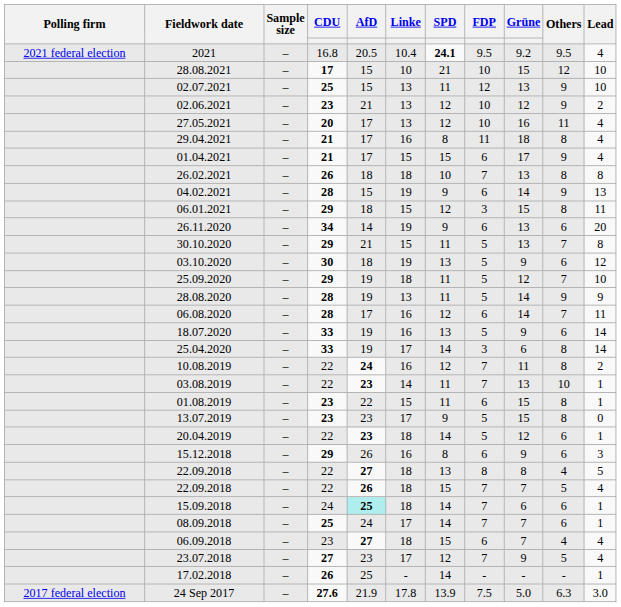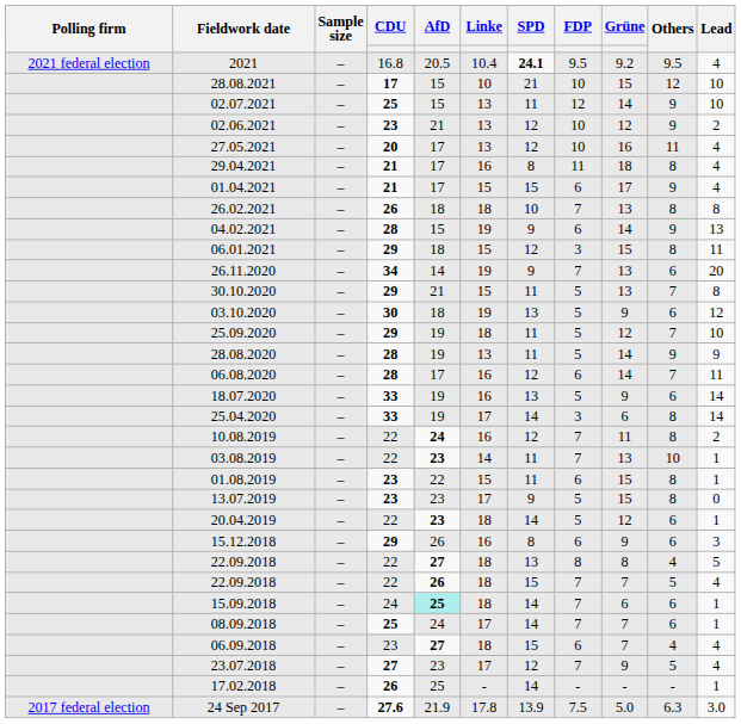 <table class="wikitable sortable mw-datatable" style="text-align:center;font-size:90%;line-height:14px;">
 <tr style="height:40px;">
 <th style="width:160px;" rowspan="2">Polling firm</th>
 <th style="width:135px;" rowspan="2">Fieldwork date</th>
 <th style="width:35px;" rowspan="2">Sample<br>size</th>
 <th class="unsortable" style="width:40px;"><a href='#'>CDU</a></th>
 <th class="unsortable" style="width:40px;"><a href='#'>AfD</a></th>
 <th class="unsortable" style="width:40px;"><a href='#'>Linke</a></th>
 <th class="unsortable" style="width:40px;"><a href='#'>SPD</a></th>
 <th class="unsortable" style="width:40px;"><a href='#'>FDP</a></th>
 <th class="unsortable" style="width:40px;"><a href='#'>Grüne</a></th>
 <th class="unsortable" style="width:30px;" rowspan="2">Others</th>
 <th style="width:30px;" rowspan="2">Lead</th>
 </tr>
 <tr>
 <th style="background:"></th>
 <th style="background:"></th>
 <th style="background:"></th>
 <th style="background:"></th>
 <th style="background:"></th>
 <th style="background:"></th>
 </tr>
 <tr>
 <td style="background:#E9E9E9;"><a href='#'>2021 federal election</a></td>
 <td style="background:#E9E9E9;"data-sort-value="2017-09-24">2021</td>
 <td style="background:#E9E9E9;">–</td>
 <td style="background:#E9E9E9;">16.8</td>
 <td style="background:#E9E9E9;">20.5</td>
 <td style="background:#E9E9E9;">10.4</td>
 <td><strong>24.1</strong></td>
 <td style="background:#E9E9E9;">9.5</td>
 <td style="background:#E9E9E9;">9.2</td>
 <td style="background:#E9E9E9;">9.5</td>
 <td style="background:">4</td>
 </tr>
 <tr>
 <td style="background:#E9E9E9;"></td>
 <td style="background:#E9E9E9;"data-sort-value="2017-09-24">28.08.2021</td>
 <td style="background:#E9E9E9;">–</td>
 <td><strong>17</strong></td>
 <td style="background:#E9E9E9;">15</td>
 <td style="background:#E9E9E9;">10</td>
 <td style="background:#E9E9E9;">21</td>
 <td style="background:#E9E9E9;">10</td>
 <td style="background:#E9E9E9;">15</td>
 <td style="background:#E9E9E9;">12</td>
 <td style="background:">10</td>
 </tr>
 <tr>
 <td style="background:#E9E9E9;"></td>
 <td style="background:#E9E9E9;"data-sort-value="2017-09-24">02.07.2021</td>
 <td style="background:#E9E9E9;">–</td>
 <td><strong>25</strong></td>
 <td style="background:#E9E9E9;">15</td>
 <td style="background:#E9E9E9;">13</td>
 <td style="background:#E9E9E9;">11</td>
 <td style="background:#E9E9E9;">12</td>
-<td style="background:#E9E9E9;">13</td>
+<td style="background:#E9E9E9;">14</td>
 <td style="background:#E9E9E9;">9</td>
 <td style="background:">10</td>
 </tr>
 <tr>
 <td style="background:#E9E9E9;"></td>
 <td style="background:#E9E9E9;"data-sort-value="2017-09-24">02.06.2021</td>
 <td style="background:#E9E9E9;">–</td>
 <td><strong>23</strong></td>
 <td style="background:#E9E9E9;">21</td>
 <td style="background:#E9E9E9;">13</td>
 <td style="background:#E9E9E9;">12</td>
 <td style="background:#E9E9E9;">10</td>
 <td style="background:#E9E9E9;">12</td>
 <td style="background:#E9E9E9;">9</td>
 <td style="background:">2</td>
 </tr>
 <tr>
 <td style="background:#E9E9E9;"></td>
 <td style="background:#E9E9E9;"data-sort-value="2017-09-24">27.05.2021</td>
 <td style="background:#E9E9E9;">–</td>
 <td><strong>20</strong></td>
 <td style="background:#E9E9E9;">17</td>
 <td style="background:#E9E9E9;">13</td>
 <td style="background:#E9E9E9;">12</td>
 <td style="background:#E9E9E9;">10</td>
 <td style="background:#E9E9E9;">16</td>
 <td style="background:#E9E9E9;">11</td>
 <td style="background:">4</td>
 </tr>
 <tr>
 <td style="background:#E9E9E9;"></td>
 <td style="background:#E9E9E9;"data-sort-value="2017-09-24">29.04.2021</td>
 <td style="background:#E9E9E9;">–</td>
 <td><strong>21</strong></td>
 <td style="background:#E9E9E9;">17</td>
 <td style="background:#E9E9E9;">16</td>
 <td style="background:#E9E9E9;">8</td>
 <td style="background:#E9E9E9;">11</td>
 <td style="background:#E9E9E9;">18</td>
 <td style="background:#E9E9E9;">8</td>
 <td style="background:">4</td>
 </tr>
 <tr>
 <td style="background:#E9E9E9;"></td>
 <td style="background:#E9E9E9;"data-sort-value="2017-09-24">01.04.2021</td>
 <td style="background:#E9E9E9;">–</td>
 <td><strong>21</strong></td>
 <td style="background:#E9E9E9;">17</td>
 <td style="background:#E9E9E9;">15</td>
 <td style="background:#E9E9E9;">15</td>
 <td style="background:#E9E9E9;">6</td>
 <td style="background:#E9E9E9;">17</td>
 <td style="background:#E9E9E9;">9</td>
 <td style="background:">4</td>
 </tr>
 <tr>
 <td style="background:#E9E9E9;"></td>
 <td style="background:#E9E9E9;"data-sort-value="2017-09-24">26.02.2021</td>
 <td style="background:#E9E9E9;">–</td>
 <td><strong>26</strong></td>
 <td style="background:#E9E9E9;">18</td>
 <td style="background:#E9E9E9;">18</td>
 <td style="background:#E9E9E9;">10</td>
 <td style="background:#E9E9E9;">7</td>
 <td style="background:#E9E9E9;">13</td>
 <td style="background:#E9E9E9;">8</td>
 <td style="background:">8</td>
 </tr>
 <tr>
 <td style="background:#E9E9E9;"></td>
 <td style="background:#E9E9E9;"data-sort-value="2017-09-24">04.02.2021</td>
 <td style="background:#E9E9E9;">–</td>
 <td><strong>28</strong></td>
 <td style="background:#E9E9E9;">15</td>
 <td style="background:#E9E9E9;">19</td>
 <td style="background:#E9E9E9;">9</td>
 <td style="background:#E9E9E9;">6</td>
 <td style="background:#E9E9E9;">14</td>
 <td style="background:#E9E9E9;">9</td>
 <td style="background:">13</td>
 </tr>
 <tr>
 <td style="background:#E9E9E9;"></td>
 <td style="background:#E9E9E9;"data-sort-value="2017-09-24">06.01.2021</td>
 <td style="background:#E9E9E9;">–</td>
 <td><strong>29</strong></td>
 <td style="background:#E9E9E9;">18</td>
 <td style="background:#E9E9E9;">15</td>
 <td style="background:#E9E9E9;">12</td>
 <td style="background:#E9E9E9;">3</td>
 <td style="background:#E9E9E9;">15</td>
 <td style="background:#E9E9E9;">8</td>
 <td style="background:">11</td>
 </tr>
 <tr>
 <td style="background:#E9E9E9;"></td>
 <td style="background:#E9E9E9;"data-sort-value="2017-09-24">26.11.2020</td>
 <td style="background:#E9E9E9;">–</td>
 <td><strong>34</strong></td>
 <td style="background:#E9E9E9;">14</td>
 <td style="background:#E9E9E9;">19</td>
 <td style="background:#E9E9E9;">9</td>
-<td style="background:#E9E9E9;">6</td>
+<td style="background:#E9E9E9;">7</td>
 <td style="background:#E9E9E9;">13</td>
 <td style="background:#E9E9E9;">6</td>
 <td style="background:">20</td>
 </tr>
 <tr>
 <td style="background:#E9E9E9;"></td>
 <td style="background:#E9E9E9;"data-sort-value="2017-09-24">30.10.2020</td>
 <td style="background:#E9E9E9;">–</td>
 <td><strong>29</strong></td>
 <td style="background:#E9E9E9;">21</td>
 <td style="background:#E9E9E9;">15</td>
 <td style="background:#E9E9E9;">11</td>
 <td style="background:#E9E9E9;">5</td>
 <td style="background:#E9E9E9;">13</td>
 <td style="background:#E9E9E9;">7</td>
 <td style="background:">8</td>
 </tr>
 <tr>
 <td style="background:#E9E9E9;"></td>
 <td style="background:#E9E9E9;"data-sort-value="2017-09-24">03.10.2020</td>
 <td style="background:#E9E9E9;">–</td>
 <td><strong>30</strong></td>
 <td style="background:#E9E9E9;">18</td>
 <td style="background:#E9E9E9;">19</td>
 <td style="background:#E9E9E9;">13</td>
 <td style="background:#E9E9E9;">5</td>
 <td style="background:#E9E9E9;">9</td>
 <td style="background:#E9E9E9;">6</td>
 <td style="background:">12</td>
 </tr>
 <tr>
 <td style="background:#E9E9E9;"></td>
 <td style="background:#E9E9E9;"data-sort-value="2017-09-24">25.09.2020</td>
 <td style="background:#E9E9E9;">–</td>
 <td><strong>29</strong></td>
 <td style="background:#E9E9E9;">19</td>
 <td style="background:#E9E9E9;">18</td>
 <td style="background:#E9E9E9;">11</td>
 <td style="background:#E9E9E9;">5</td>
 <td style="background:#E9E9E9;">12</td>
 <td style="background:#E9E9E9;">7</td>
 <td style="background:">10</td>
 </tr>
 <tr>
 <td style="background:#E9E9E9;"></td>
 <td style="background:#E9E9E9;"data-sort-value="2017-09-24">28.08.2020</td>
 <td style="background:#E9E9E9;">–</td>
 <td><strong>28</strong></td>
 <td style="background:#E9E9E9;">19</td>
 <td style="background:#E9E9E9;">13</td>
 <td style="background:#E9E9E9;">11</td>
 <td style="background:#E9E9E9;">5</td>
 <td style="background:#E9E9E9;">14</td>
 <td style="background:#E9E9E9;">9</td>
 <td style="background:">9</td>
 </tr>
 <tr>
 <td style="background:#E9E9E9;"></td>
 <td style="background:#E9E9E9;"data-sort-value="2017-09-24">06.08.2020</td>
 <td style="background:#E9E9E9;">–</td>
 <td><strong>28</strong></td>
 <td style="background:#E9E9E9;">17</td>
 <td style="background:#E9E9E9;">16</td>
 <td style="background:#E9E9E9;">12</td>
 <td style="background:#E9E9E9;">6</td>
 <td style="background:#E9E9E9;">14</td>
 <td style="background:#E9E9E9;">7</td>
 <td style="background:">11</td>
 </tr>
 <tr>
 <td style="background:#E9E9E9;"></td>
 <td style="background:#E9E9E9;"data-sort-value="2017-09-24">18.07.2020</td>
 <td style="background:#E9E9E9;">–</td>
 <td><strong>33</strong></td>
 <td style="background:#E9E9E9;">19</td>
 <td style="background:#E9E9E9;">16</td>
 <td style="background:#E9E9E9;">13</td>
 <td style="background:#E9E9E9;">5</td>
 <td style="background:#E9E9E9;">9</td>
 <td style="background:#E9E9E9;">6</td>
 <td style="background:">14</td>
 </tr>
 <tr>
 <td style="background:#E9E9E9;"></td>
 <td style="background:#E9E9E9;"data-sort-value="2017-09-24">25.04.2020</td>
 <td style="background:#E9E9E9;">–</td>
 <td><strong>33</strong></td>
 <td style="background:#E9E9E9;">19</td>
 <td style="background:#E9E9E9;">17</td>
 <td style="background:#E9E9E9;">14</td>
 <td style="background:#E9E9E9;">3</td>
 <td style="background:#E9E9E9;">6</td>
 <td style="background:#E9E9E9;">8</td>
 <td style="background:">14</td>
 </tr>
 <tr>
 <td style="background:#E9E9E9;"></td>
 <td style="background:#E9E9E9;"data-sort-value="2017-09-24">10.08.2019</td>
 <td style="background:#E9E9E9;">–</td>
 <td style="background:#E9E9E9;">22</td>
 <td><strong>24</strong></td>
 <td style="background:#E9E9E9;">16</td>
 <td style="background:#E9E9E9;">12</td>
 <td style="background:#E9E9E9;">7</td>
 <td style="background:#E9E9E9;">11</td>
 <td style="background:#E9E9E9;">8</td>
 <td style="background:">2</td>
 </tr>
 <tr>
 <td style="background:#E9E9E9;"></td>
 <td style="background:#E9E9E9;"data-sort-value="2017-09-24">03.08.2019</td>
 <td style="background:#E9E9E9;">–</td>
 <td style="background:#E9E9E9;">22</td>
 <td><strong>23</strong></td>
 <td style="background:#E9E9E9;">14</td>
 <td style="background:#E9E9E9;">11</td>
 <td style="background:#E9E9E9;">7</td>
 <td style="background:#E9E9E9;">13</td>
 <td style="background:#E9E9E9;">10</td>
 <td style="background:">1</td>
 </tr>
 <tr>
 <td style="background:#E9E9E9;"></td>
 <td style="background:#E9E9E9;"data-sort-value="2017-09-24">01.08.2019</td>
 <td style="background:#E9E9E9;">–</td>
 <td><strong>23</strong></td>
 <td style="background:#E9E9E9;">22</td>
 <td style="background:#E9E9E9;">15</td>
 <td style="background:#E9E9E9;">11</td>
 <td style="background:#E9E9E9;">6</td>
 <td style="background:#E9E9E9;">15</td>
 <td style="background:#E9E9E9;">8</td>
 <td style="background:">1</td>
 </tr>
 <tr>
 <td style="background:#E9E9E9;"></td>
 <td style="background:#E9E9E9;"data-sort-value="2017-09-24">13.07.2019</td>
 <td style="background:#E9E9E9;">–</td>
 <td><strong>23</strong></td>
 <td style="background:#E9E9E9;">23</td>
 <td style="background:#E9E9E9;">17</td>
 <td style="background:#E9E9E9;">9</td>
 <td style="background:#E9E9E9;">5</td>
 <td style="background:#E9E9E9;">15</td>
 <td style="background:#E9E9E9;">8</td>
 <td style="background:">0</td>
 </tr>
 <tr>
 <td style="background:#E9E9E9;"></td>
 <td style="background:#E9E9E9;"data-sort-value="2017-09-24">20.04.2019</td>
 <td style="background:#E9E9E9;">–</td>
 <td style="background:#E9E9E9;">22</td>
 <td><strong>23</strong></td>
 <td style="background:#E9E9E9;">18</td>
 <td style="background:#E9E9E9;">14</td>
 <td style="background:#E9E9E9;">5</td>
 <td style="background:#E9E9E9;">12</td>
 <td style="background:#E9E9E9;">6</td>
 <td style="background:">1</td>
 </tr>
 <tr>
 <td style="background:#E9E9E9;"></td>
 <td style="background:#E9E9E9;"data-sort-value="2017-09-24">15.12.2018</td>
 <td style="background:#E9E9E9;">–</td>
 <td><strong>29</strong></td>
 <td style="background:#E9E9E9;">26</td>
 <td style="background:#E9E9E9;">16</td>
 <td style="background:#E9E9E9;">8</td>
 <td style="background:#E9E9E9;">6</td>
 <td style="background:#E9E9E9;">9</td>
 <td style="background:#E9E9E9;">6</td>
 <td style="background:">3</td>
 </tr>
 <tr>
 <td style="background:#E9E9E9;"></td>
 <td style="background:#E9E9E9;"data-sort-value="2017-09-24">22.09.2018</td>
 <td style="background:#E9E9E9;">–</td>
 <td style="background:#E9E9E9;">22</td>
 <td><strong>27</strong></td>
 <td style="background:#E9E9E9;">18</td>
 <td style="background:#E9E9E9;">13</td>
 <td style="background:#E9E9E9;">8</td>
 <td style="background:#E9E9E9;">8</td>
 <td style="background:#E9E9E9;">4</td>
 <td style="background:">5</td>
 </tr>
 <tr>
 <td style="background:#E9E9E9;"></td>
 <td style="background:#E9E9E9;"data-sort-value="2017-09-24">22.09.2018</td>
 <td style="background:#E9E9E9;">–</td>
 <td style="background:#E9E9E9;">22</td>
 <td><strong>26</strong></td>
 <td style="background:#E9E9E9;">18</td>
 <td style="background:#E9E9E9;">15</td>
 <td style="background:#E9E9E9;">7</td>
 <td style="background:#E9E9E9;">7</td>
 <td style="background:#E9E9E9;">5</td>
 <td style="background:">4</td>
 </tr>
 <tr>
 <td style="background:#E9E9E9;"></td>
 <td style="background:#E9E9E9;"data-sort-value="2017-09-24">15.09.2018</td>
 <td style="background:#E9E9E9;">–</td>
 <td style="background:#E9E9E9;">24</td>
 <td style="background: paleturquoise;"><strong>25</strong></td>
 <td style="background:#E9E9E9;">18</td>
 <td style="background:#E9E9E9;">14</td>
 <td style="background:#E9E9E9;">7</td>
 <td style="background:#E9E9E9;">6</td>
 <td style="background:#E9E9E9;">6</td>
 <td style="background:">1</td>
 </tr>
 <tr>
 <td style="background:#E9E9E9;"></td>
 <td style="background:#E9E9E9;"data-sort-value="2017-09-24">08.09.2018</td>
 <td style="background:#E9E9E9;">–</td>
 <td><strong>25</strong></td>
 <td style="background:#E9E9E9;">24</td>
 <td style="background:#E9E9E9;">17</td>
 <td style="background:#E9E9E9;">14</td>
 <td style="background:#E9E9E9;">7</td>
 <td style="background:#E9E9E9;">7</td>
 <td style="background:#E9E9E9;">6</td>
 <td style="background:">1</td>
 </tr>
 <tr>
 <td style="background:#E9E9E9;"></td>
 <td style="background:#E9E9E9;"data-sort-value="2017-09-24">06.09.2018</td>
 <td style="background:#E9E9E9;">–</td>
 <td style="background:#E9E9E9;">23</td>
 <td><strong>27</strong></td>
 <td style="background:#E9E9E9;">18</td>
 <td style="background:#E9E9E9;">15</td>
 <td style="background:#E9E9E9;">6</td>
 <td style="background:#E9E9E9;">7</td>
 <td style="background:#E9E9E9;">4</td>
 <td style="background:">4</td>
 </tr>
 <tr>
 <td style="background:#E9E9E9;"></td>
 <td style="background:#E9E9E9;"data-sort-value="2017-09-24">23.07.2018</td>
 <td style="background:#E9E9E9;">–</td>
 <td><strong>27</strong></td>
 <td style="background:#E9E9E9;">23</td>
 <td style="background:#E9E9E9;">17</td>
 <td style="background:#E9E9E9;">12</td>
 <td style="background:#E9E9E9;">7</td>
 <td style="background:#E9E9E9;">9</td>
 <td style="background:#E9E9E9;">5</td>
 <td style="background:">4</td>
 </tr>
 <tr>
 <td style="background:#E9E9E9;"></td>
 <td style="background:#E9E9E9;"data-sort-value="2017-09-24">17.02.2018</td>
 <td style="background:#E9E9E9;">–</td>
 <td><strong>26</strong></td>
 <td style="background:#E9E9E9;">25</td>
 <td style="background:#E9E9E9;">-</td>
 <td style="background:#E9E9E9;">14</td>
 <td style="background:#E9E9E9;">-</td>
 <td style="background:#E9E9E9;">-</td>
 <td style="background:#E9E9E9;">-</td>
 <td style="background:">1</td>
 </tr>
 <tr>
 <td style="background:#E9E9E9;"><a href='#'>2017 federal election</a></td>
 <td style="background:#E9E9E9;"data-sort-value="2017-09-24">24 Sep 2017</td>
 <td style="background:#E9E9E9;">–</td>
 <td><strong>27.6</strong></td>
 <td style="background:#E9E9E9;">21.9</td>
 <td style="background:#E9E9E9;">17.8</td>
 <td style="background:#E9E9E9;">13.9</td>
 <td style="background:#E9E9E9;">7.5</td>
 <td style="background:#E9E9E9;">5.0</td>
 <td style="background:#E9E9E9;">6.3</td>
 <td style="background:">3.0</td>
 </tr>
 </table>
